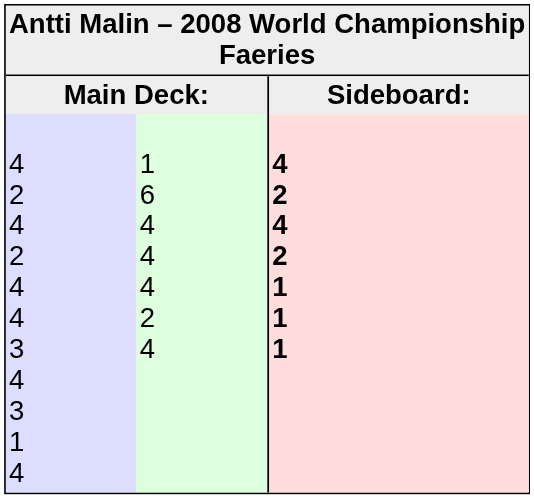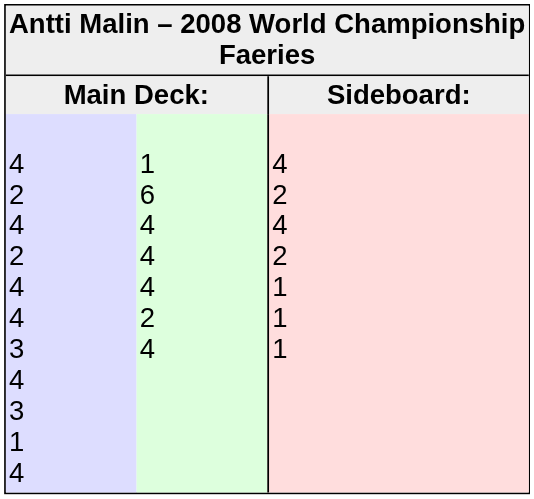 <table align="right" border="0" cellspacing="0" cellpadding="2" style="border: 1px solid black; margin-left: 1ex;">
 <tr>
 <th colspan="3" style="background-color: #eee; border-bottom: 1px solid black;">Antti Malin – 2008 World Championship<br>Faeries</th>
 </tr>
 <tr style="background-color: #eee;">
 <th colspan="2">Main Deck:</th>
 <th style="border-left: 1px solid black;">Sideboard:</th>
 </tr>
 <tr valign="top">
 <td style="background-color: #ddf;"><br>4 <br> 2 <br> 4 <br> 2 <br>4 <br> 4 <br> 3 <br> 4 <br> 3 <br> 1 <br> 4 <br></td>
 <td style="background-color: #dfd;"><br>1 <br> 6 <br> 4 <br> 4 <br> 4 <br> 2 <br> 4 <br></td>
-<td style="background-color: #fdd; border-left: 1px solid black;"><strong><br>4 <br> 2 <br> 4 <br> 2 <br> 1 <br> 1 <br> 1 <br></strong></td>
+<td style="background-color: #fdd; border-left: 1px solid black;"><br>4 <br> 2 <br> 4 <br> 2 <br> 1 <br> 1 <br> 1 <br></td>
 </tr>
 </table>
